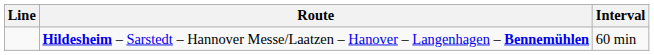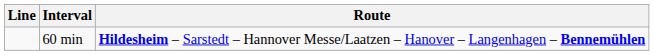 <table class="wikitable">
 <tr>
 <th>Line</th>
+<th>Interval</th>
 <th>Route</th>
-<th>Interval</th>
 </tr>
 <tr>
 <td></td>
+<td>60 min</td>
 <td><strong><a href='#'>Hildesheim</a></strong> – <a href='#'>Sarstedt</a> – Hannover Messe/Laatzen – <a href='#'>Hanover</a> – <a href='#'>Langenhagen</a> – <strong><a href='#'>Bennemühlen</a></strong></td>
-<td>60 min</td>
 </tr>
 </table>
